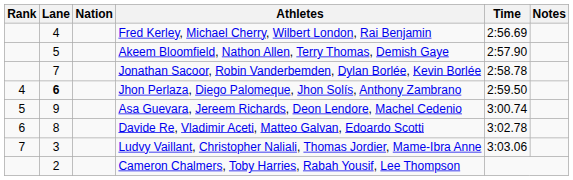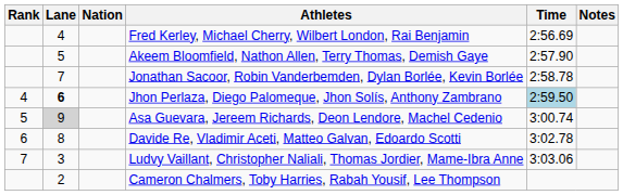 <table class="wikitable sortable" style="text-align:center">
 <tr>
 <th>Rank</th>
 <th>Lane</th>
 <th>Nation</th>
 <th>Athletes</th>
 <th>Time</th>
 <th>Notes</th>
 </tr>
 <tr>
 <td></td>
 <td>4</td>
 <td align=left></td>
 <td align=left><a href='#'>Fred Kerley</a>, <a href='#'>Michael Cherry</a>, <a href='#'>Wilbert London</a>, <a href='#'>Rai Benjamin</a></td>
 <td>2:56.69</td>
 <td></td>
 </tr>
 <tr>
 <td></td>
 <td>5</td>
 <td align=left></td>
 <td align=left><a href='#'>Akeem Bloomfield</a>, <a href='#'>Nathon Allen</a>, <a href='#'>Terry Thomas</a>, <a href='#'>Demish Gaye</a></td>
 <td>2:57.90</td>
 <td></td>
 </tr>
 <tr>
 <td></td>
 <td>7</td>
 <td align=left></td>
 <td align=left><a href='#'>Jonathan Sacoor</a>, <a href='#'>Robin Vanderbemden</a>, <a href='#'>Dylan Borlée</a>, <a href='#'>Kevin Borlée</a></td>
 <td>2:58.78</td>
 <td></td>
 </tr>
 <tr>
 <td>4</td>
 <td><strong>6</strong></td>
 <td align=left></td>
 <td align=left><a href='#'>Jhon Perlaza</a>, <a href='#'>Diego Palomeque</a>, <a href='#'>Jhon Solís</a>, <a href='#'>Anthony Zambrano</a></td>
-<td>2:59.50</td>
+<td style="background: lightblue;">2:59.50</td>
 <td><strong></strong></td>
 </tr>
 <tr>
 <td>5</td>
-<td>9</td>
+<td style="background: lightgrey;">9</td>
 <td align=left></td>
 <td align=left><a href='#'>Asa Guevara</a>, <a href='#'>Jereem Richards</a>, <a href='#'>Deon Lendore</a>, <a href='#'>Machel Cedenio</a></td>
 <td>3:00.74</td>
 <td></td>
 </tr>
 <tr>
 <td>6</td>
 <td>8</td>
 <td align=left></td>
 <td align=left><a href='#'>Davide Re</a>, <a href='#'>Vladimir Aceti</a>, <a href='#'>Matteo Galvan</a>, <a href='#'>Edoardo Scotti</a></td>
 <td>3:02.78</td>
 <td></td>
 </tr>
 <tr>
 <td>7</td>
 <td>3</td>
 <td align=left></td>
 <td align=left><a href='#'>Ludvy Vaillant</a>, <a href='#'>Christopher Naliali</a>, <a href='#'>Thomas Jordier</a>, <a href='#'>Mame-Ibra Anne</a></td>
 <td>3:03.06</td>
 <td></td>
 </tr>
 <tr>
 <td></td>
 <td>2</td>
 <td align=left></td>
 <td align=left><a href='#'>Cameron Chalmers</a>, <a href='#'>Toby Harries</a>, <a href='#'>Rabah Yousif</a>, <a href='#'>Lee Thompson</a></td>
 <td colspan=2></td>
 </tr>
 </table>
